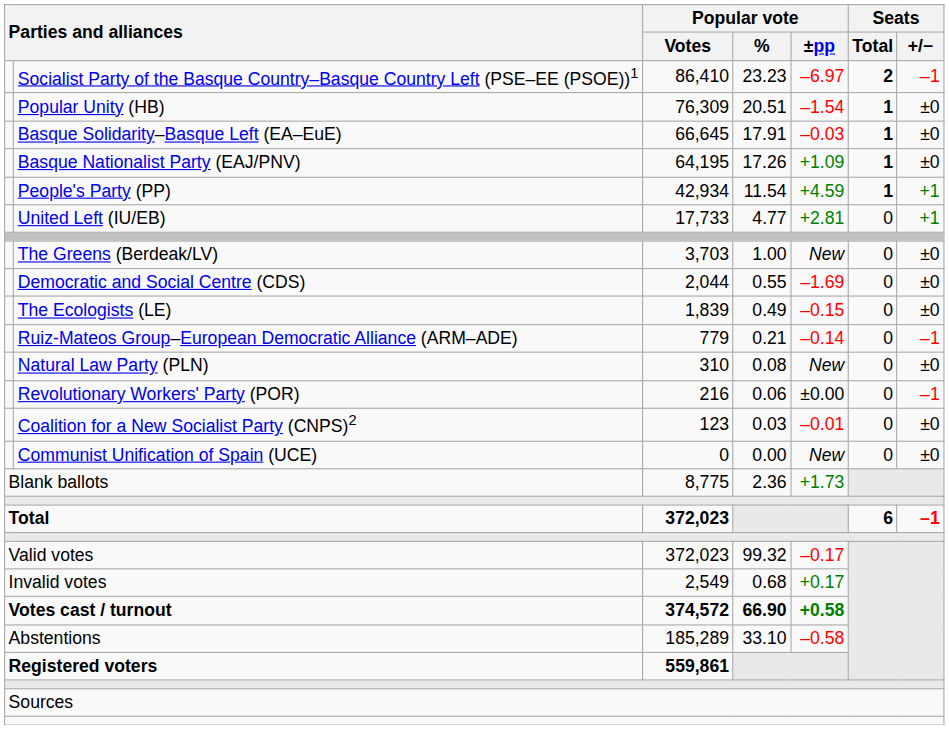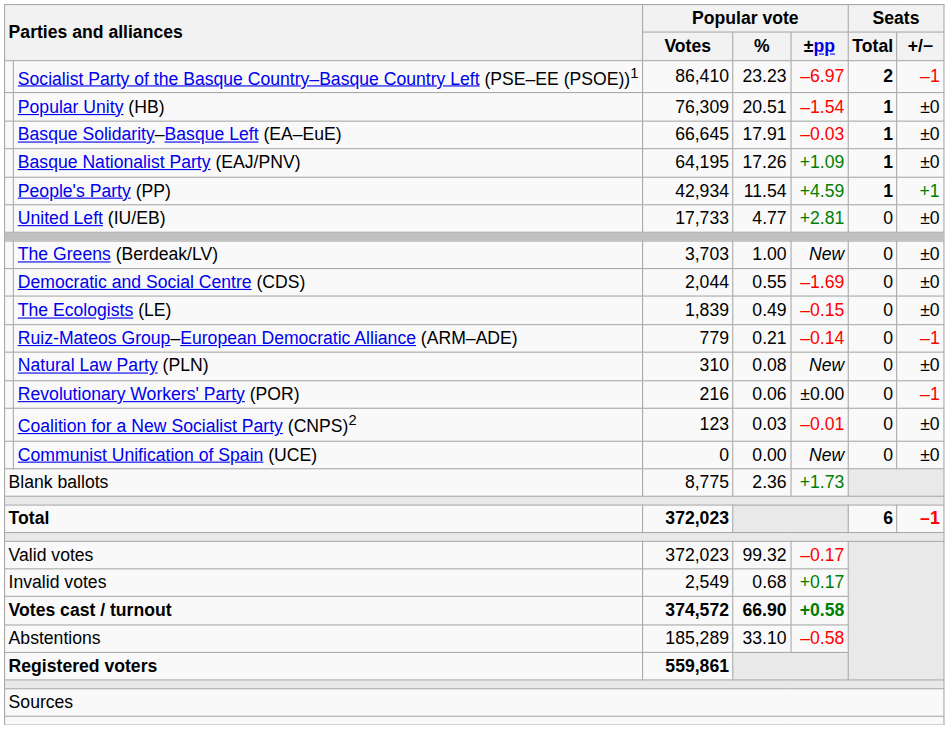 <table class="wikitable" style="text-align:right;">
 <tr>
 <th style="text-align:left;" rowspan="2" colspan="2" width="525">Parties and alliances</th>
 <th colspan="3">Popular vote</th>
 <th colspan="2">Seats</th>
 </tr>
 <tr>
 <th width="75">Votes</th>
 <th width="45">%</th>
 <th width="45">±<a href='#'>pp</a></th>
 <th width="35">Total</th>
 <th width="35">+/−</th>
 </tr>
 <tr>
 <td width="1" style="color:inherit;background:"></td>
 <td align="left"><a href='#'>Socialist Party of the Basque Country–Basque Country Left</a> (PSE–EE (PSOE))<sup>1</sup></td>
 <td>86,410</td>
 <td>23.23</td>
 <td style="color:red;">–6.97</td>
 <td><strong>2</strong></td>
 <td style="color:red;">–1</td>
 </tr>
 <tr>
 <td style="color:inherit;background:"></td>
 <td align="left"><a href='#'>Popular Unity</a> (HB)</td>
 <td>76,309</td>
 <td>20.51</td>
 <td style="color:red;">–1.54</td>
 <td><strong>1</strong></td>
 <td>±0</td>
 </tr>
 <tr>
 <td style="color:inherit;background:"></td>
 <td align="left"><a href='#'>Basque Solidarity</a>–<a href='#'>Basque Left</a> (EA–EuE)</td>
 <td>66,645</td>
 <td>17.91</td>
 <td style="color:red;">–0.03</td>
 <td><strong>1</strong></td>
 <td>±0</td>
 </tr>
 <tr>
 <td style="color:inherit;background:"></td>
 <td align="left"><a href='#'>Basque Nationalist Party</a> (EAJ/PNV)</td>
 <td>64,195</td>
 <td>17.26</td>
 <td style="color:green;">+1.09</td>
 <td><strong>1</strong></td>
 <td>±0</td>
 </tr>
 <tr>
 <td style="color:inherit;background:"></td>
 <td align="left"><a href='#'>People's Party</a> (PP)</td>
 <td>42,934</td>
 <td>11.54</td>
 <td style="color:green;">+4.59</td>
 <td><strong>1</strong></td>
 <td style="color:green;">+1</td>
 </tr>
 <tr>
 <td style="color:inherit;background:"></td>
 <td align="left"><a href='#'>United Left</a> (IU/EB)</td>
 <td>17,733</td>
 <td>4.77</td>
 <td style="color:green;">+2.81</td>
 <td>0</td>
-<td style="color:green;">+1</td>
+<td>±0</td>
 </tr>
 <tr>
 <td colspan="7" bgcolor="#C0C0C0"></td>
 </tr>
 <tr>
 <td style="color:inherit;background:"></td>
 <td align="left"><a href='#'>The Greens</a> (Berdeak/LV)</td>
 <td>3,703</td>
 <td>1.00</td>
 <td><em>New</em></td>
 <td>0</td>
 <td>±0</td>
 </tr>
 <tr>
 <td style="color:inherit;background:"></td>
 <td align="left"><a href='#'>Democratic and Social Centre</a> (CDS)</td>
 <td>2,044</td>
 <td>0.55</td>
 <td style="color:red;">–1.69</td>
 <td>0</td>
 <td>±0</td>
 </tr>
 <tr>
 <td style="color:inherit;background:"></td>
 <td align="left"><a href='#'>The Ecologists</a> (LE)</td>
 <td>1,839</td>
 <td>0.49</td>
 <td style="color:red;">–0.15</td>
 <td>0</td>
 <td>±0</td>
 </tr>
 <tr>
 <td style="color:inherit;background:"></td>
 <td align="left"><a href='#'>Ruiz-Mateos Group</a>–<a href='#'>European Democratic Alliance</a> (ARM–ADE)</td>
 <td>779</td>
 <td>0.21</td>
 <td style="color:red;">–0.14</td>
 <td>0</td>
 <td style="color:red;">–1</td>
 </tr>
 <tr>
 <td style="color:inherit;background:"></td>
 <td align="left"><a href='#'>Natural Law Party</a> (PLN)</td>
 <td>310</td>
 <td>0.08</td>
 <td><em>New</em></td>
 <td>0</td>
 <td>±0</td>
 </tr>
 <tr>
 <td style="color:inherit;background:"></td>
 <td align="left"><a href='#'>Revolutionary Workers' Party</a> (POR)</td>
 <td>216</td>
 <td>0.06</td>
 <td>±0.00</td>
 <td>0</td>
 <td style="color:red;">–1</td>
 </tr>
 <tr>
 <td style="color:inherit;background:"></td>
 <td align="left"><a href='#'>Coalition for a New Socialist Party</a> (CNPS)<sup>2</sup></td>
 <td>123</td>
 <td>0.03</td>
 <td style="color:red;">–0.01</td>
 <td>0</td>
 <td>±0</td>
 </tr>
 <tr>
 <td style="color:inherit;background:"></td>
 <td align="left"><a href='#'>Communist Unification of Spain</a> (UCE)</td>
 <td>0</td>
 <td>0.00</td>
 <td><em>New</em></td>
 <td>0</td>
 <td>±0</td>
 </tr>
 <tr>
 <td align="left" colspan="2">Blank ballots</td>
 <td>8,775</td>
 <td>2.36</td>
 <td style="color:green;">+1.73</td>
 <td bgcolor="#E9E9E9" colspan="2"></td>
 </tr>
 <tr>
 <td colspan="7" bgcolor="#E9E9E9"></td>
 </tr>
 <tr style="font-weight:bold;">
 <td align="left" colspan="2">Total</td>
 <td>372,023</td>
 <td bgcolor="#E9E9E9" colspan="2"></td>
 <td>6</td>
 <td style="color:red;">–1</td>
 </tr>
 <tr>
 <td colspan="7" bgcolor="#E9E9E9"></td>
 </tr>
 <tr>
 <td align="left" colspan="2">Valid votes</td>
 <td>372,023</td>
 <td>99.32</td>
 <td style="color:red;">–0.17</td>
 <td bgcolor="#E9E9E9" colspan="2" rowspan="5"></td>
 </tr>
 <tr>
 <td align="left" colspan="2">Invalid votes</td>
 <td>2,549</td>
 <td>0.68</td>
 <td style="color:green;">+0.17</td>
 </tr>
 <tr style="font-weight:bold;">
 <td align="left" colspan="2">Votes cast / turnout</td>
 <td>374,572</td>
 <td>66.90</td>
 <td style="color:green;">+0.58</td>
 </tr>
 <tr>
 <td align="left" colspan="2">Abstentions</td>
 <td>185,289</td>
 <td>33.10</td>
 <td style="color:red;">–0.58</td>
 </tr>
 <tr style="font-weight:bold;">
 <td align="left" colspan="2">Registered voters</td>
 <td>559,861</td>
 <td bgcolor="#E9E9E9" colspan="2"></td>
 </tr>
 <tr>
 <td colspan="7" bgcolor="#E9E9E9"></td>
 </tr>
 <tr>
 <td align="left" colspan="7">Sources</td>
 </tr>
 <tr>
 <td colspan="7" style="text-align:left; max-width:790px;"></td>
 </tr>
 </table>
